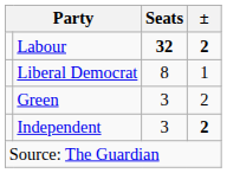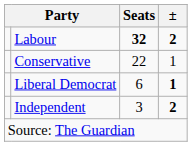 <table class="sortable wikitable">
 <tr>
 <th colspan="2">Party</th>
 <th>Seats</th>
 <th>  ±  </th>
 </tr>
 <tr>
 <td style="color:inherit;background-color: "></td>
 <td><a href='#'>Labour</a></td>
 <td align="center"><strong>32</strong></td>
 <td align="center"><strong>2</strong></td>
 </tr>
 <tr>
 <td style="color:inherit;background-color: "></td>
-<td><a href='#'>Liberal Democrat</a></td>
-<td align="center">8</td>
+<td><a href='#'>Conservative</a></td>
+<td align="center">22</td>
 <td align="center">1</td>
 </tr>
 <tr>
 <td style="color:inherit;background-color: "></td>
-<td><a href='#'>Green</a></td>
-<td align="center">3</td>
-<td align="center">2</td>
+<td><a href='#'>Liberal Democrat</a></td>
+<td align="center">6</td>
+<td align="center"><strong>1</strong></td>
 </tr>
 <tr>
 <td style="color:inherit;background-color: "></td>
 <td><a href='#'>Independent</a></td>
 <td align="center">3</td>
 <td align="center"><strong>2</strong></td>
 </tr>
 <tr>
 <td colspan=4>Source: <a href='#'>The Guardian</a></td>
 </tr>
 </table>
